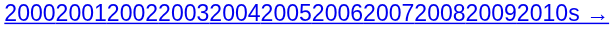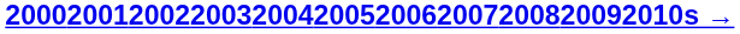 <table id="toc" class="toc" summary="Year">
 <tr>
 <th></th>
 </tr>
 <tr>
-<td style="text-align:center;"><a href='#'>2000</a><a href='#'>2001</a><a href='#'>2002</a><a href='#'>2003</a><a href='#'>2004</a><a href='#'>2005</a><a href='#'>2006</a><a href='#'>2007</a><a href='#'>2008</a><a href='#'>2009</a><a href='#'>2010s →</a></td>
+<td style="text-align:center;"><strong><a href='#'>2000</a><a href='#'>2001</a><a href='#'>2002</a><a href='#'>2003</a><a href='#'>2004</a><a href='#'>2005</a><a href='#'>2006</a><a href='#'>2007</a><a href='#'>2008</a><a href='#'>2009</a><a href='#'>2010s →</a></strong></td>
 </tr>
 </table>
